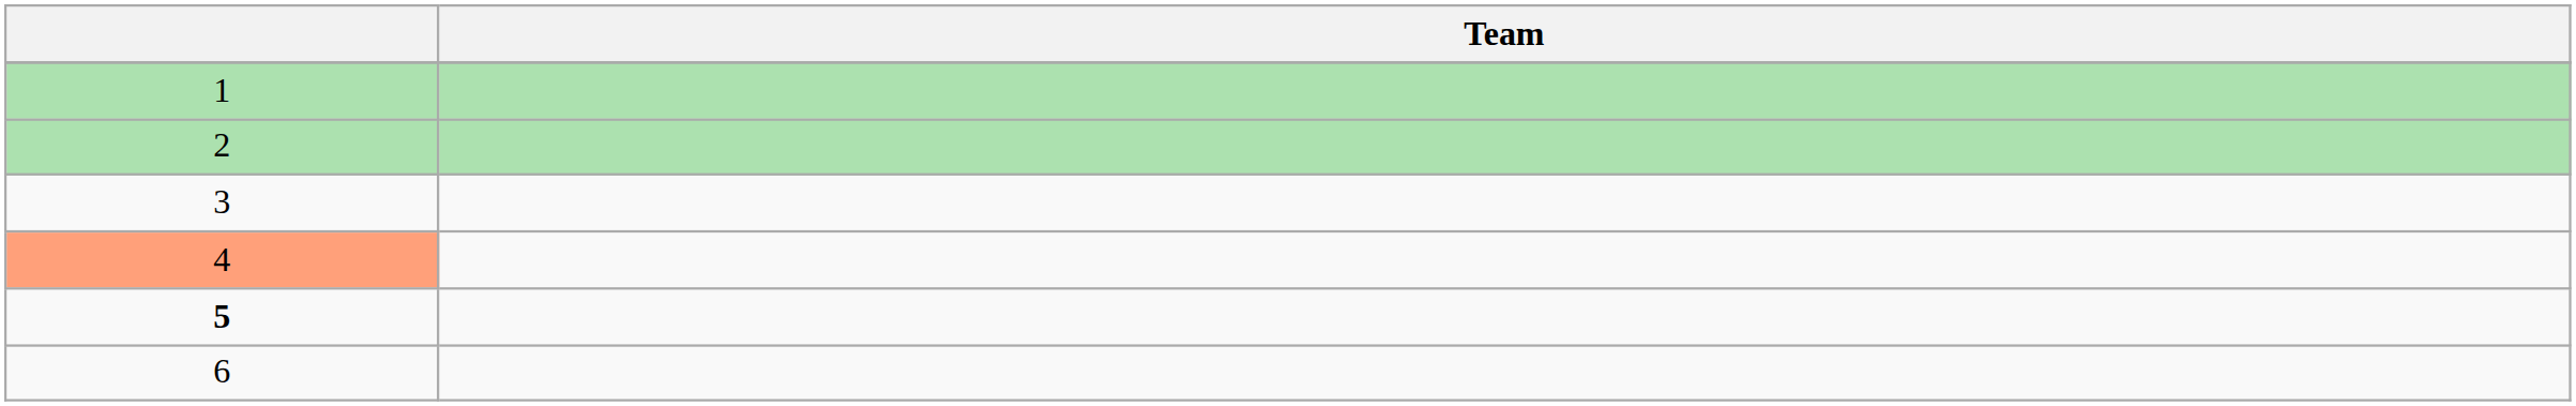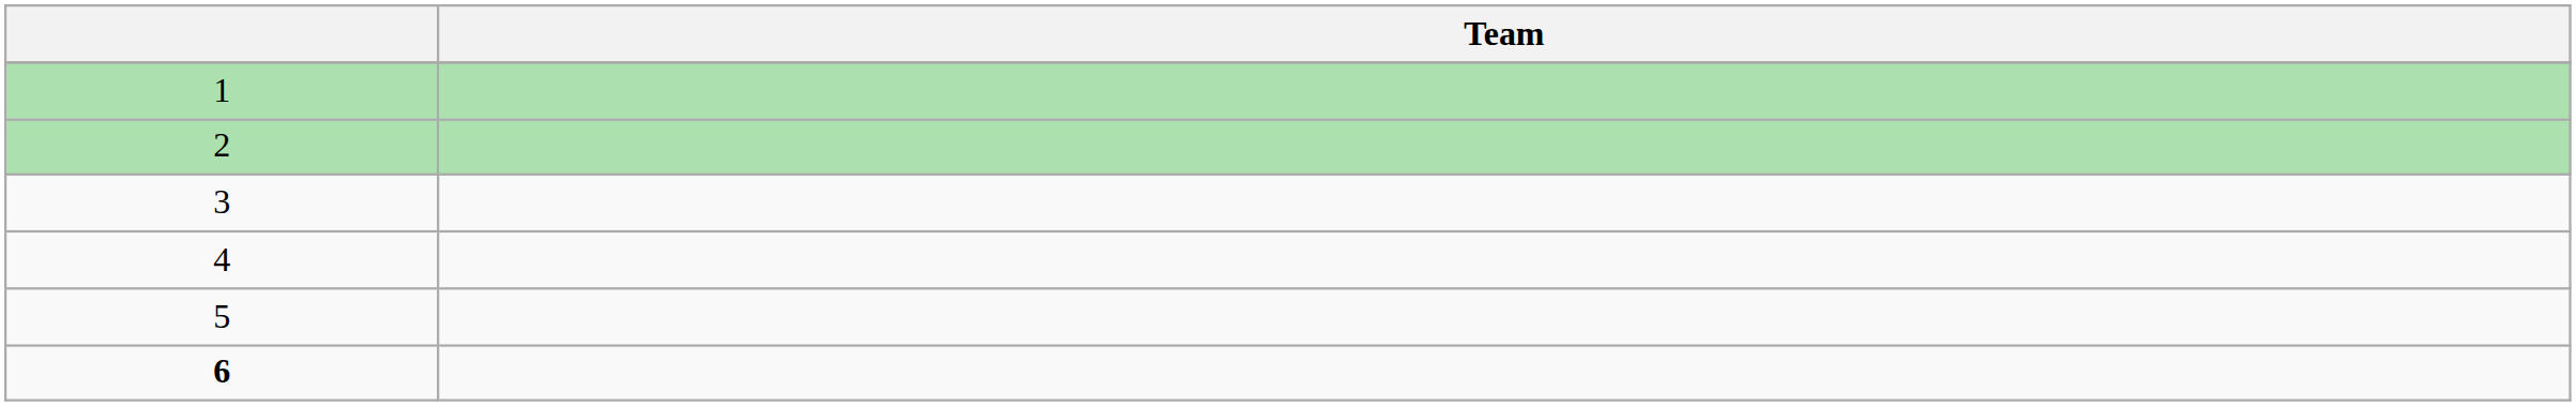 <table class="wikitable" style="font-size: 90%; text-align:center; table-layout:fixed; width:75em">
 <tr>
 <th rowspan=1 width=20></th>
 <th rowspan=1 width=125>Team</th>
 </tr>
 <tr valign="top">
 </tr>
 <tr bgcolor=#ACE1AF>
 <td align=center>1</td>
 <td></td>
 </tr>
 <tr bgcolor=#ACE1AF>
 <td align=center>2</td>
 <td></td>
 </tr>
 <tr>
 <td align=center>3</td>
 <td></td>
 </tr>
 <tr>
-<td align=center style="background: lightsalmon;">4</td>
+<td align=center>4</td>
 <td></td>
 </tr>
 <tr>
-<td align=center><strong>5</strong></td>
+<td align=center>5</td>
 <td></td>
 </tr>
 <tr>
-<td align=center>6</td>
+<td align=center><strong>6</strong></td>
 <td></td>
 </tr>
 </table>
